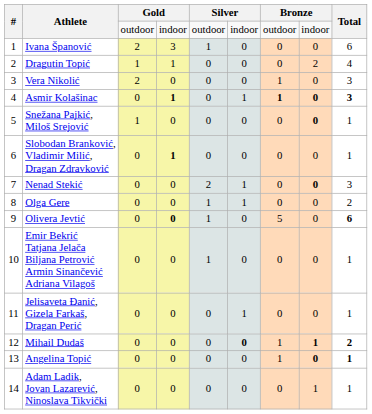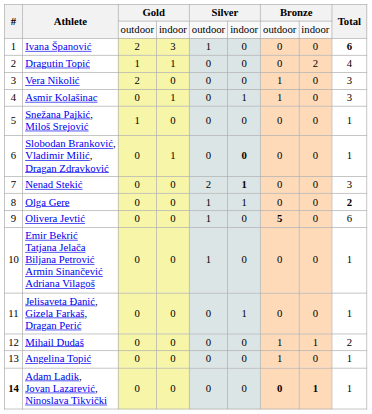 <table class=wikitable style="border:1px solid #AAAAAA">
 <tr bgcolor="#EFEFEF">
 <th width=20 rowspan="2">#</th>
 <th rowspan="2">Athlete</th>
 <th width=50 colspan="2">Gold</th>
 <th width=50 colspan="2">Silver</th>
 <th width=50 colspan="2">Bronze</th>
 <th width=45 rowspan="2">Total</th>
 </tr>
 <tr>
 <td><span>outdoor</span></td>
 <td><span>indoor</span></td>
 <td><span>outdoor</span></td>
 <td><span>indoor</span></td>
 <td><span>outdoor</span></td>
 <td><span>indoor</span></td>
 </tr>
 <tr align="center" bgcolor="#FFFFFF">
 <td>1</td>
 <td align="left"><a href='#'>Ivana Španović</a></td>
 <td style="background:#F7F6A8;">2</td>
 <td style="background:#F7F6A8;">3</td>
 <td style="background:#DCE5E5;">1</td>
 <td style="background:#DCE5E5;">0</td>
 <td style="background:#FFDAB9;">0</td>
 <td style="background:#FFDAB9;">0</td>
-<td>6</td>
+<td><strong>6</strong></td>
 </tr>
 <tr align="center" bgcolor="#FFFFFF">
 <td>2</td>
 <td align="left"><a href='#'>Dragutin Topić</a></td>
 <td style="background:#F7F6A8;">1</td>
 <td style="background:#F7F6A8;">1</td>
 <td style="background:#DCE5E5;">0</td>
 <td style="background:#DCE5E5;">0</td>
 <td style="background:#FFDAB9;">0</td>
 <td style="background:#FFDAB9;">2</td>
 <td>4</td>
 </tr>
 <tr align="center" bgcolor="#FFFFFF">
 <td>3</td>
 <td align="left"><a href='#'>Vera Nikolić</a></td>
 <td style="background:#F7F6A8;">2</td>
 <td style="background:#F7F6A8;">0</td>
 <td style="background:#DCE5E5;">0</td>
 <td style="background:#DCE5E5;">0</td>
 <td style="background:#FFDAB9;">1</td>
 <td style="background:#FFDAB9;">0</td>
 <td>3</td>
 </tr>
 <tr align="center" bgcolor="#FFFFFF">
 <td>4</td>
 <td align="left"><a href='#'>Asmir Kolašinac</a></td>
 <td style="background:#F7F6A8;">0</td>
-<td style="background:#F7F6A8;"><strong>1</strong></td>
+<td style="background:#F7F6A8;">1</td>
 <td style="background:#DCE5E5;">0</td>
 <td style="background:#DCE5E5;">1</td>
-<td style="background:#FFDAB9;"><strong>1</strong></td>
-<td style="background:#FFDAB9;"><strong>0</strong></td>
-<td><strong>3</strong></td>
+<td style="background:#FFDAB9;">1</td>
+<td style="background:#FFDAB9;">0</td>
+<td>3</td>
 </tr>
 <tr align="center" bgcolor="#FFFFFF">
 <td>5</td>
 <td align="left"><a href='#'>Snežana Pajkić</a>,<br><a href='#'>Miloš Srejović</a></td>
 <td style="background:#F7F6A8;">1</td>
 <td style="background:#F7F6A8;">0</td>
 <td style="background:#DCE5E5;">0</td>
 <td style="background:#DCE5E5;">0</td>
 <td style="background:#FFDAB9;">0</td>
-<td style="background:#FFDAB9;"><strong>0</strong></td>
+<td style="background:#FFDAB9;">0</td>
 <td>1</td>
 </tr>
 <tr align="center" bgcolor="#FFFFFF">
 <td>6</td>
 <td align="left"><a href='#'>Slobodan Branković</a>,<br><a href='#'>Vladimir Milić</a>,<br><a href='#'>Dragan Zdravković</a></td>
 <td style="background:#F7F6A8;">0</td>
-<td style="background:#F7F6A8;"><strong>1</strong></td>
+<td style="background:#F7F6A8;">1</td>
 <td style="background:#DCE5E5;">0</td>
-<td style="background:#DCE5E5;">0</td>
+<td style="background:#DCE5E5;"><strong>0</strong></td>
 <td style="background:#FFDAB9;">0</td>
 <td style="background:#FFDAB9;">0</td>
 <td>1</td>
 </tr>
 <tr align="center" bgcolor="#FFFFFF">
 <td>7</td>
 <td align="left"><a href='#'>Nenad Stekić</a></td>
 <td style="background:#F7F6A8;">0</td>
 <td style="background:#F7F6A8;">0</td>
 <td style="background:#DCE5E5;">2</td>
-<td style="background:#DCE5E5;">1</td>
+<td style="background:#DCE5E5;"><strong>1</strong></td>
 <td style="background:#FFDAB9;">0</td>
-<td style="background:#FFDAB9;"><strong>0</strong></td>
+<td style="background:#FFDAB9;">0</td>
 <td>3</td>
 </tr>
 <tr align="center" bgcolor="#FFFFFF">
 <td>8</td>
 <td align="left"><a href='#'>Olga Gere</a></td>
 <td style="background:#F7F6A8;">0</td>
 <td style="background:#F7F6A8;">0</td>
 <td style="background:#DCE5E5;">1</td>
 <td style="background:#DCE5E5;">1</td>
 <td style="background:#FFDAB9;">0</td>
 <td style="background:#FFDAB9;">0</td>
-<td>2</td>
+<td><strong>2</strong></td>
 </tr>
 <tr align="center" bgcolor="#FFFFFF">
 <td>9</td>
 <td align="left"><a href='#'>Olivera Jevtić</a></td>
 <td style="background:#F7F6A8;">0</td>
-<td style="background:#F7F6A8;"><strong>0</strong></td>
+<td style="background:#F7F6A8;">0</td>
 <td style="background:#DCE5E5;">1</td>
 <td style="background:#DCE5E5;">0</td>
-<td style="background:#FFDAB9;">5</td>
+<td style="background:#FFDAB9;"><strong>5</strong></td>
 <td style="background:#FFDAB9;">0</td>
-<td><strong>6</strong></td>
+<td>6</td>
 </tr>
 <tr align="center" bgcolor="#FFFFFF">
 <td>10</td>
 <td align="left"><a href='#'>Emir Bekrić</a><br><a href='#'>Tatjana Jelača</a><br><a href='#'>Biljana Petrović</a><br><a href='#'>Armin Sinančević</a><br><a href='#'>Adriana Vilagoš</a></td>
 <td style="background:#F7F6A8;">0</td>
 <td style="background:#F7F6A8;">0</td>
 <td style="background:#DCE5E5;">1</td>
 <td style="background:#DCE5E5;">0</td>
 <td style="background:#FFDAB9;">0</td>
 <td style="background:#FFDAB9;">0</td>
 <td>1</td>
 </tr>
 <tr align="center" bgcolor="#FFFFFF">
 <td>11</td>
 <td align="left"><a href='#'>Jelisaveta Đanić</a>,<br><a href='#'>Gizela Farkaš</a>,<br><a href='#'>Dragan Perić</a></td>
 <td style="background:#F7F6A8;">0</td>
 <td style="background:#F7F6A8;">0</td>
 <td style="background:#DCE5E5;">0</td>
 <td style="background:#DCE5E5;">1</td>
 <td style="background:#FFDAB9;">0</td>
 <td style="background:#FFDAB9;">0</td>
 <td>1</td>
 </tr>
 <tr align="center" bgcolor="#FFFFFF">
 <td>12</td>
 <td align="left"><a href='#'>Mihail Dudaš</a></td>
 <td style="background:#F7F6A8;">0</td>
 <td style="background:#F7F6A8;">0</td>
 <td style="background:#DCE5E5;">0</td>
-<td style="background:#DCE5E5;"><strong>0</strong></td>
+<td style="background:#DCE5E5;">0</td>
 <td style="background:#FFDAB9;">1</td>
-<td style="background:#FFDAB9;"><strong>1</strong></td>
-<td><strong>2</strong></td>
+<td style="background:#FFDAB9;">1</td>
+<td>2</td>
 </tr>
 <tr align="center" bgcolor="#FFFFFF">
 <td>13</td>
 <td align="left"><a href='#'>Angelina Topić</a></td>
 <td style="background:#F7F6A8;">0</td>
 <td style="background:#F7F6A8;">0</td>
 <td style="background:#DCE5E5;">0</td>
 <td style="background:#DCE5E5;">0</td>
 <td style="background:#FFDAB9;">1</td>
-<td style="background:#FFDAB9;"><strong>0</strong></td>
-<td><strong>1</strong></td>
+<td style="background:#FFDAB9;">0</td>
+<td>1</td>
 </tr>
 <tr align="center" bgcolor="#FFFFFF">
-<td>14</td>
+<td><strong>14</strong></td>
 <td align="left"><a href='#'>Adam Ladik</a>,<br><a href='#'>Jovan Lazarević</a>,<br><a href='#'>Ninoslava Tikvički</a></td>
 <td style="background:#F7F6A8;">0</td>
 <td style="background:#F7F6A8;">0</td>
 <td style="background:#DCE5E5;">0</td>
 <td style="background:#DCE5E5;">0</td>
-<td style="background:#FFDAB9;">0</td>
-<td style="background:#FFDAB9;">1</td>
+<td style="background:#FFDAB9;"><strong>0</strong></td>
+<td style="background:#FFDAB9;"><strong>1</strong></td>
 <td>1</td>
 </tr>
 </table>
